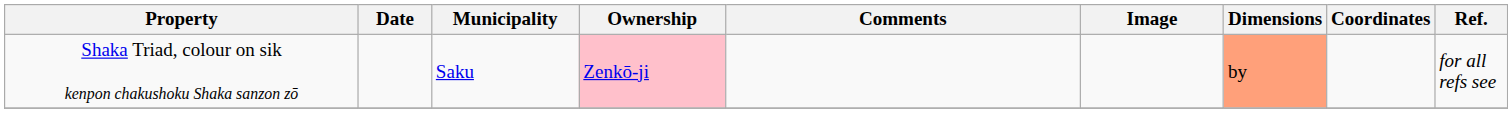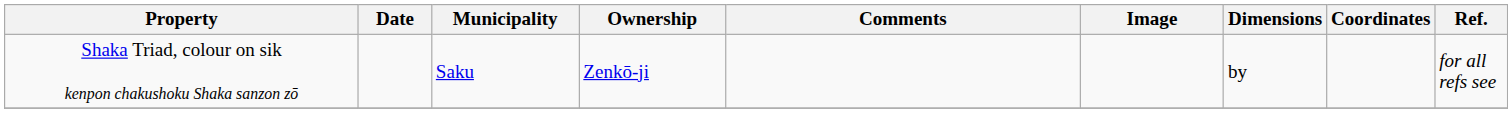 <table class="wikitable sortable"  style="width:100%;">
 <tr>
 <th width="25%" align="left">Property</th>
 <th width="5%" align="left" data-sort-type="number">Date</th>
 <th width="10%" align="left">Municipality</th>
 <th width="10%" align="left">Ownership</th>
 <th width="25%" align="left" class="unsortable">Comments</th>
 <th width="10%" align="left" class="unsortable">Image</th>
 <th width="5%" align="left" class="unsortable">Dimensions</th>
 <th width="5%" align="left" class="unsortable">Coordinates</th>
 <th width="5%" align="left" class="unsortable">Ref.</th>
 </tr>
 <tr>
 <td align="center"><a href='#'>Shaka</a> Triad, colour on sik<br><br><small><em>kenpon chakushoku Shaka sanzon zō</em></small></td>
 <td></td>
 <td><a href='#'>Saku</a></td>
-<td style="background: pink;"><a href='#'>Zenkō-ji</a> </td>
+<td><a href='#'>Zenkō-ji</a> </td>
 <td></td>
 <td></td>
-<td style="background: lightsalmon;"> by </td>
+<td> by </td>
 <td></td>
 <td><em>for all refs see</em> </td>
 </tr>
 <tr>
 </tr>
 </table>
